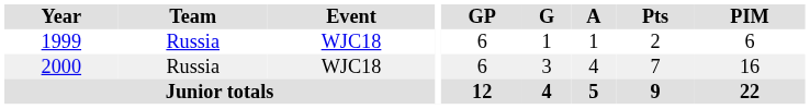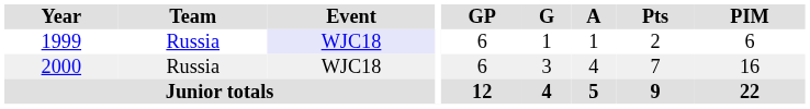 <table border="0" cellpadding="1" cellspacing="0" ID="Table3" style="text-align:center; width:40em">
 <tr bgcolor="#e0e0e0">
 <th>Year</th>
 <th>Team</th>
 <th>Event</th>
 <th rowspan="102" bgcolor="#ffffff"></th>
 <th>GP</th>
 <th>G</th>
 <th>A</th>
 <th>Pts</th>
 <th>PIM</th>
 </tr>
 <tr>
 <td><a href='#'>1999</a></td>
 <td><a href='#'>Russia</a></td>
-<td><a href='#'>WJC18</a></td>
+<td style="background: lavender;"><a href='#'>WJC18</a></td>
 <td>6</td>
 <td>1</td>
 <td>1</td>
 <td>2</td>
 <td>6</td>
 </tr>
 <tr bgcolor="#f0f0f0">
 <td><a href='#'>2000</a></td>
 <td>Russia</td>
 <td>WJC18</td>
 <td>6</td>
 <td>3</td>
 <td>4</td>
 <td>7</td>
 <td>16</td>
 </tr>
 <tr bgcolor="#e0e0e0">
 <th colspan="3">Junior totals</th>
 <th>12</th>
 <th>4</th>
 <th>5</th>
 <th>9</th>
 <th>22</th>
 </tr>
 </table>
